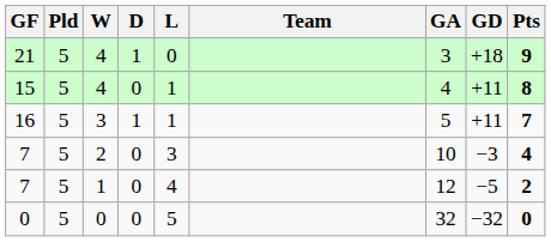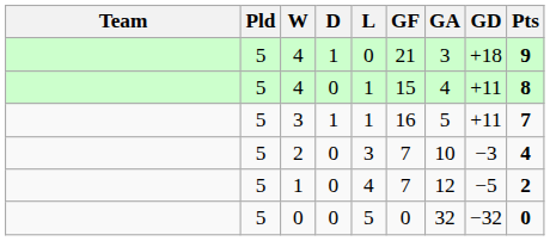 <table class="wikitable" style="text-align:center;">
 <tr>
-<th style="width:20px;" abbr="Goals for">GF</th>
+<th width=175>Team</th>
 <th style="width:20px;" abbr="Played">Pld</th>
 <th style="width:20px;" abbr="Won">W</th>
 <th style="width:20px;" abbr="Drawn">D</th>
 <th style="width:20px;" abbr="Lost">L</th>
-<th width=175>Team</th>
+<th style="width:20px;" abbr="Goals for">GF</th>
 <th style="width:20px;" abbr="Goals against">GA</th>
 <th style="width:20px;" abbr="Goal difference">GD</th>
 <th style="width:20px;" abbr="Points">Pts</th>
 </tr>
 <tr bgcolor="#ccffcc">
-<td>21</td>
+<td align=left></td>
 <td>5</td>
 <td>4</td>
 <td>1</td>
 <td>0</td>
-<td align=left></td>
+<td>21</td>
 <td>3</td>
 <td>+18</td>
 <td><strong>9</strong></td>
 </tr>
 <tr bgcolor="#ccffcc">
-<td>15</td>
+<td align=left></td>
 <td>5</td>
 <td>4</td>
 <td>0</td>
 <td>1</td>
-<td align=left></td>
+<td>15</td>
 <td>4</td>
 <td>+11</td>
 <td><strong>8</strong></td>
 </tr>
 <tr>
-<td>16</td>
+<td align=left></td>
 <td>5</td>
 <td>3</td>
 <td>1</td>
 <td>1</td>
-<td align=left></td>
+<td>16</td>
 <td>5</td>
 <td>+11</td>
 <td><strong>7</strong></td>
 </tr>
 <tr>
-<td>7</td>
+<td align=left></td>
 <td>5</td>
 <td>2</td>
 <td>0</td>
 <td>3</td>
-<td align=left></td>
+<td>7</td>
 <td>10</td>
 <td>−3</td>
 <td><strong>4</strong></td>
 </tr>
 <tr>
-<td>7</td>
+<td align=left></td>
 <td>5</td>
 <td>1</td>
 <td>0</td>
 <td>4</td>
-<td align=left></td>
+<td>7</td>
 <td>12</td>
 <td>−5</td>
 <td><strong>2</strong></td>
 </tr>
 <tr>
-<td>0</td>
+<td align=left></td>
 <td>5</td>
 <td>0</td>
 <td>0</td>
 <td>5</td>
-<td align=left></td>
+<td>0</td>
 <td>32</td>
 <td>−32</td>
 <td><strong>0</strong></td>
 </tr>
 </table>
